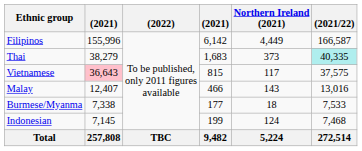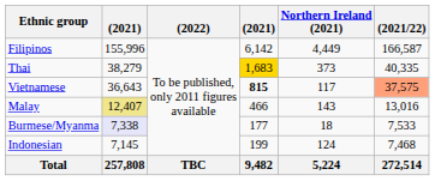 <table class="wikitable sortable" style="text-align:center">
 <tr>
 <th class="unsortable">Ethnic group</th>
 <th><br> (2021)</th>
 <th> <br> (2022)</th>
 <th> <br> (2021)</th>
 <th><a href='#'>Northern Ireland</a> <br> (2021)</th>
 <th><br> (2021/22)</th>
 </tr>
 <tr>
 <td style="text-align:left;"><a href='#'>Filipinos</a></td>
 <td>155,996</td>
 <td rowspan="6">To be published,<br> only 2011 figures<br> available</td>
 <td>6,142</td>
 <td>4,449</td>
 <td>166,587</td>
 </tr>
 <tr>
 <td style="text-align:left;"><a href='#'>Thai</a></td>
 <td>38,279</td>
-<td>1,683</td>
+<td style="background: gold;">1,683</td>
 <td>373</td>
-<td style="background: paleturquoise;">40,335</td>
+<td>40,335</td>
 </tr>
 <tr>
 <td style="text-align:left;"><a href='#'>Vietnamese</a></td>
-<td style="background: pink;">36,643</td>
-<td>815</td>
+<td>36,643</td>
+<td><strong>815</strong></td>
 <td>117</td>
-<td>37,575</td>
+<td style="background: lightsalmon;">37,575</td>
 </tr>
 <tr>
 <td style="text-align:left;"><a href='#'>Malay</a></td>
-<td>12,407</td>
+<td style="background: khaki;">12,407</td>
 <td>466</td>
 <td>143</td>
 <td>13,016</td>
 </tr>
 <tr>
 <td style="text-align:left;"><a href='#'>Burmese/Myanma</a></td>
-<td>7,338</td>
+<td style="background: lavender;">7,338</td>
 <td>177</td>
 <td>18</td>
 <td>7,533</td>
 </tr>
 <tr>
 <td style="text-align:left;"><a href='#'>Indonesian</a></td>
 <td>7,145</td>
 <td>199</td>
 <td>124</td>
 <td>7,468</td>
 </tr>
 <tr>
 <th>Total</th>
 <th>257,808</th>
 <th>TBC</th>
 <th>9,482</th>
 <th>5,224</th>
 <th>272,514</th>
 </tr>
 </table>
